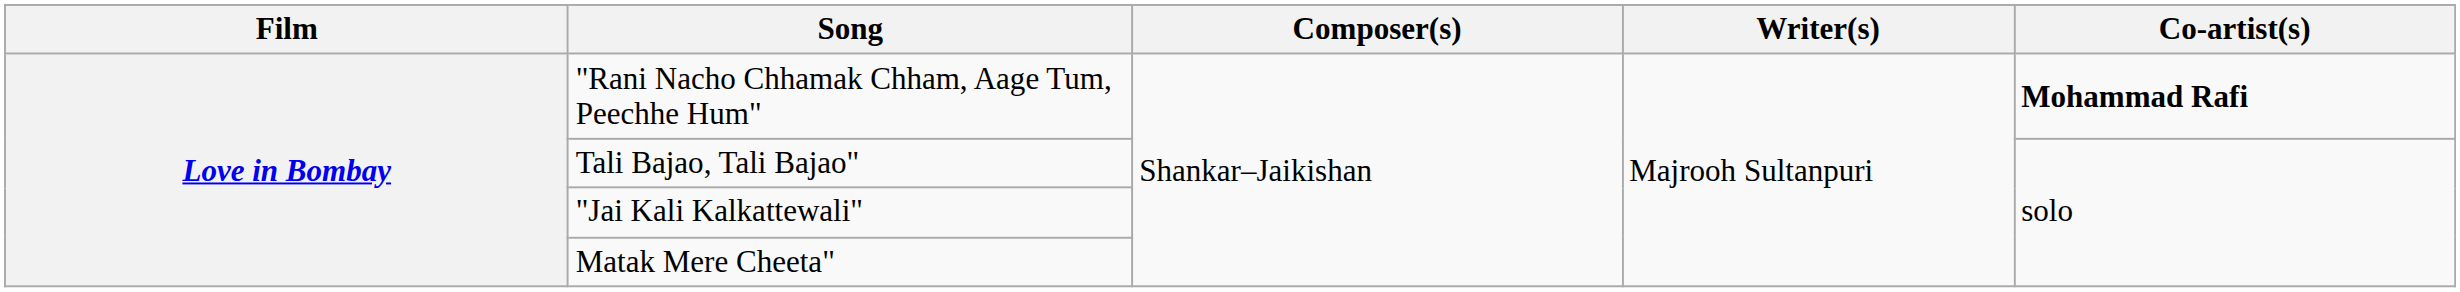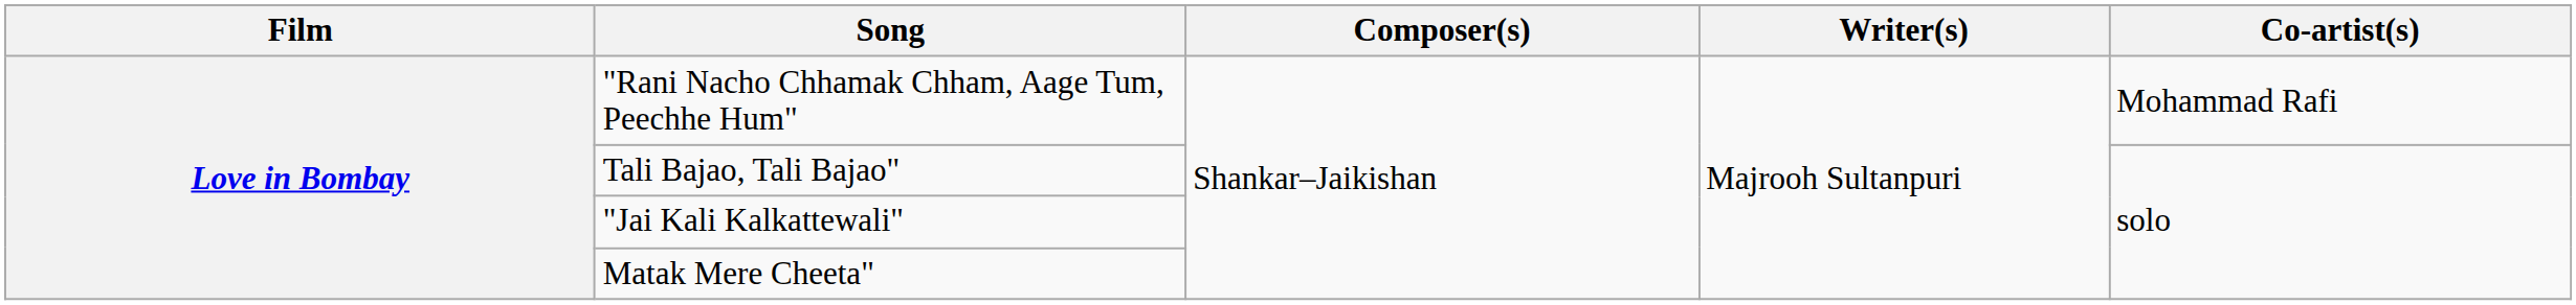 <table class="wikitable plainrowheaders" width="100%" textcolor:#000;">
 <tr style="background:#b0e0e66;">
 <th scope="col" width=23%><strong>Film</strong></th>
 <th scope="col" width=23%><strong>Song</strong></th>
 <th scope="col" width=20%><strong>Composer(s)</strong></th>
 <th scope="col" width=16%><strong>Writer(s)</strong></th>
 <th scope="col" width=18%><strong>Co-artist(s)</strong></th>
 </tr>
 <tr>
 <th Rowspan=4><em><a href='#'>Love in Bombay</a></em></th>
 <td>"Rani Nacho Chhamak Chham, Aage Tum, Peechhe Hum"</td>
 <td rowspan=4>Shankar–Jaikishan</td>
 <td rowspan=4>Majrooh Sultanpuri</td>
-<td><strong>Mohammad Rafi</strong></td>
+<td>Mohammad Rafi</td>
 </tr>
 <tr>
 <td>Tali Bajao, Tali Bajao"</td>
 <td rowspan=3>solo</td>
 </tr>
 <tr>
 <td>"Jai Kali Kalkattewali"</td>
 </tr>
 <tr>
 <td>Matak Mere Cheeta"</td>
 </tr>
 </table>
